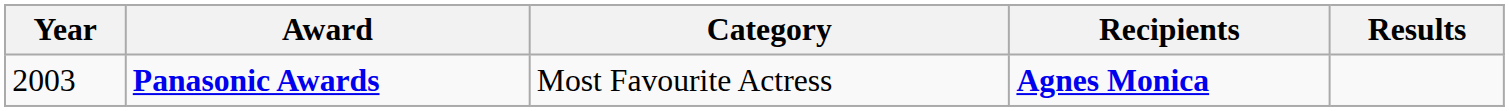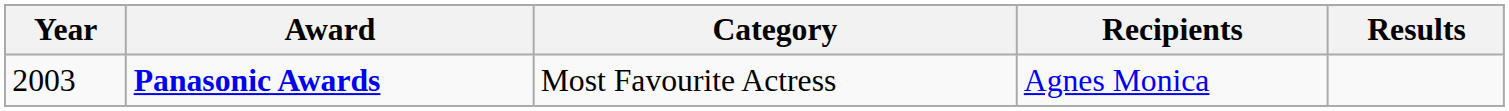 <table class="wikitable" width="60%" cellpadding="5">
 <tr>
 <th>Year</th>
 <th>Award</th>
 <th>Category</th>
 <th>Recipients</th>
 <th>Results</th>
 </tr>
 <tr>
 <td rowspan="2">2003</td>
 <td rowspan="4"><strong><a href='#'>Panasonic Awards</a></strong></td>
 <td>Most Favourite Actress</td>
-<td><strong><a href='#'>Agnes Monica</a></strong></td>
+<td><a href='#'>Agnes Monica</a></td>
 <td></td>
 </tr>
 </table>
